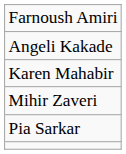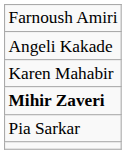 <table class="wikitable">
 <tr>
 <td>Farnoush Amiri</td>
 </tr>
 <tr>
 <td>Angeli Kakade</td>
 </tr>
 <tr>
 <td>Karen Mahabir</td>
 </tr>
 <tr>
-<td>Mihir Zaveri</td>
+<td><strong>Mihir Zaveri</strong></td>
 </tr>
 <tr>
 <td>Pia Sarkar</td>
 </tr>
 <tr>
 <td></td>
 </tr>
 </table>
